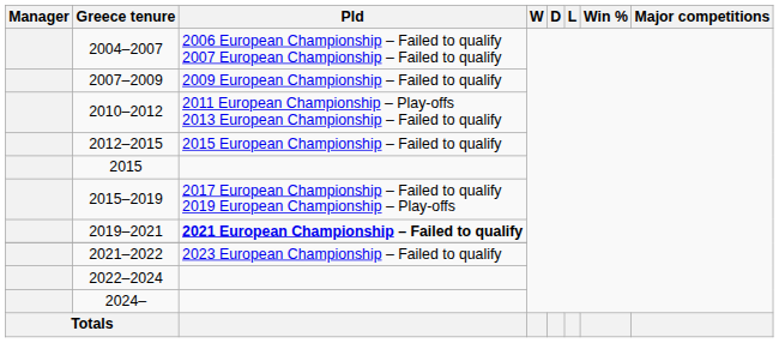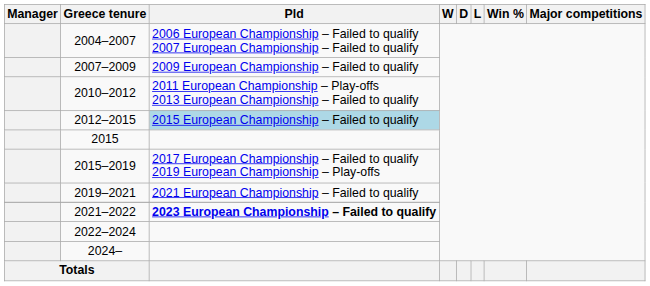 <table class="wikitable sortable plainrowheaders" cellpadding="3" style="text-align: center;">
 <tr>
 <th scope="col">Manager</th>
 <th scope="col">Greece tenure</th>
 <th scope="col">Pld</th>
 <th scope="col">W</th>
 <th scope="col">D</th>
 <th scope="col">L</th>
 <th scope="col">Win %</th>
 <th scope="col">Major competitions</th>
 </tr>
 <tr>
 <th scope="row" style="text-align: left;"> </th>
 <td>2004–2007<br></td>
 <td style="text-align: left;"> <a href='#'>2006 European Championship</a> – Failed to qualify<br> <a href='#'>2007 European Championship</a> – Failed to qualify</td>
 </tr>
 <tr>
 <th scope="row" style="text-align: left;"> </th>
 <td>2007–2009<br></td>
 <td style="text-align: left;"> <a href='#'>2009 European Championship</a> – Failed to qualify</td>
 </tr>
 <tr>
 <th scope="row" style="text-align: left;"> </th>
 <td>2010–2012<br></td>
 <td style="text-align: left;"> <a href='#'>2011 European Championship</a> – Play-offs <br> <a href='#'>2013 European Championship</a> – Failed to qualify</td>
 </tr>
 <tr>
 <th scope="row" style="text-align: left;"> </th>
 <td>2012–2015<br></td>
-<td style="text-align: left;"> <a href='#'>2015 European Championship</a> – Failed to qualify</td>
+<td style="background: lightblue; text-align: left;"> <a href='#'>2015 European Championship</a> – Failed to qualify</td>
 </tr>
 <tr>
 <th scope="row" style="text-align: left;"> </th>
 <td>2015<br></td>
 <td></td>
 </tr>
 <tr>
 <th scope="row" style="text-align: left;"> </th>
 <td>2015–2019<br></td>
 <td style="text-align: left;"> <a href='#'>2017 European Championship</a> – Failed to qualify <br> <a href='#'>2019 European Championship</a> – Play-offs</td>
 </tr>
 <tr>
 <th scope="row" style="text-align: left;"> </th>
 <td>2019–2021<br></td>
-<td style="text-align: left;"><strong> <a href='#'>2021 European Championship</a> – Failed to qualify</strong></td>
+<td style="text-align: left;"> <a href='#'>2021 European Championship</a> – Failed to qualify</td>
 </tr>
 <tr>
 </tr>
 <tr>
 </tr>
 <tr>
 <th scope="row" style="text-align: left;"> </th>
 <td>2021–2022<br></td>
-<td style="text-align: left;"> <a href='#'>2023 European Championship</a> – Failed to qualify</td>
+<td style="text-align: left;"><strong> <a href='#'>2023 European Championship</a> – Failed to qualify</strong></td>
 </tr>
 <tr>
 <th scope="row" style="text-align: left;"> </th>
 <td>2022–2024<br></td>
 <td></td>
 </tr>
 <tr>
 <th scope="row" style="text-align: left;"> </th>
 <td>2024–<br></td>
 <td></td>
 </tr>
 <tr>
 <th colspan="2">Totals</th>
 <th></th>
 <th></th>
 <th></th>
 <th></th>
 <th></th>
 <th></th>
 </tr>
 </table>
